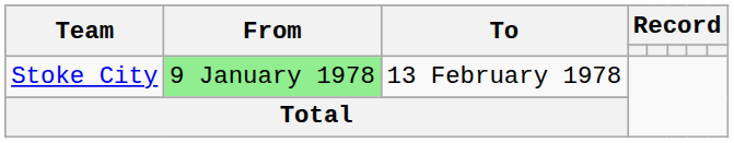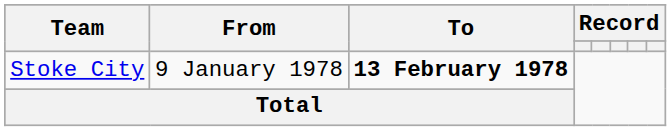 <table class="wikitable" style="text-align:center">
 <tr>
 <th rowspan="2">Team</th>
 <th rowspan="2">From</th>
 <th rowspan="2">To</th>
 <th colspan="5">Record</th>
 </tr>
 <tr>
 <th></th>
 <th></th>
 <th></th>
 <th></th>
 <th></th>
 </tr>
 <tr>
 <td align=left><a href='#'>Stoke City</a></td>
-<td align=left style="background: lightgreen;">9 January 1978</td>
-<td align=left>13 February 1978<br></td>
+<td align=left>9 January 1978</td>
+<td align=left><strong>13 February 1978<br></strong></td>
 </tr>
 <tr>
 <th colspan="3">Total<br></th>
 </tr>
 </table>
